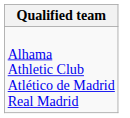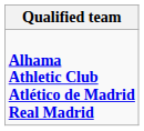 <table class="wikitable">
 <tr>
 <th>Qualified team</th>
 </tr>
 <tr valign=top>
-<td><br><a href='#'>Alhama</a><br> <a href='#'>Athletic Club</a><br> <a href='#'>Atlético de Madrid</a><br> <a href='#'>Real Madrid</a></td>
+<td><strong><br><a href='#'>Alhama</a><br> <a href='#'>Athletic Club</a><br> <a href='#'>Atlético de Madrid</a><br> <a href='#'>Real Madrid</a></strong></td>
 </tr>
 </table>
